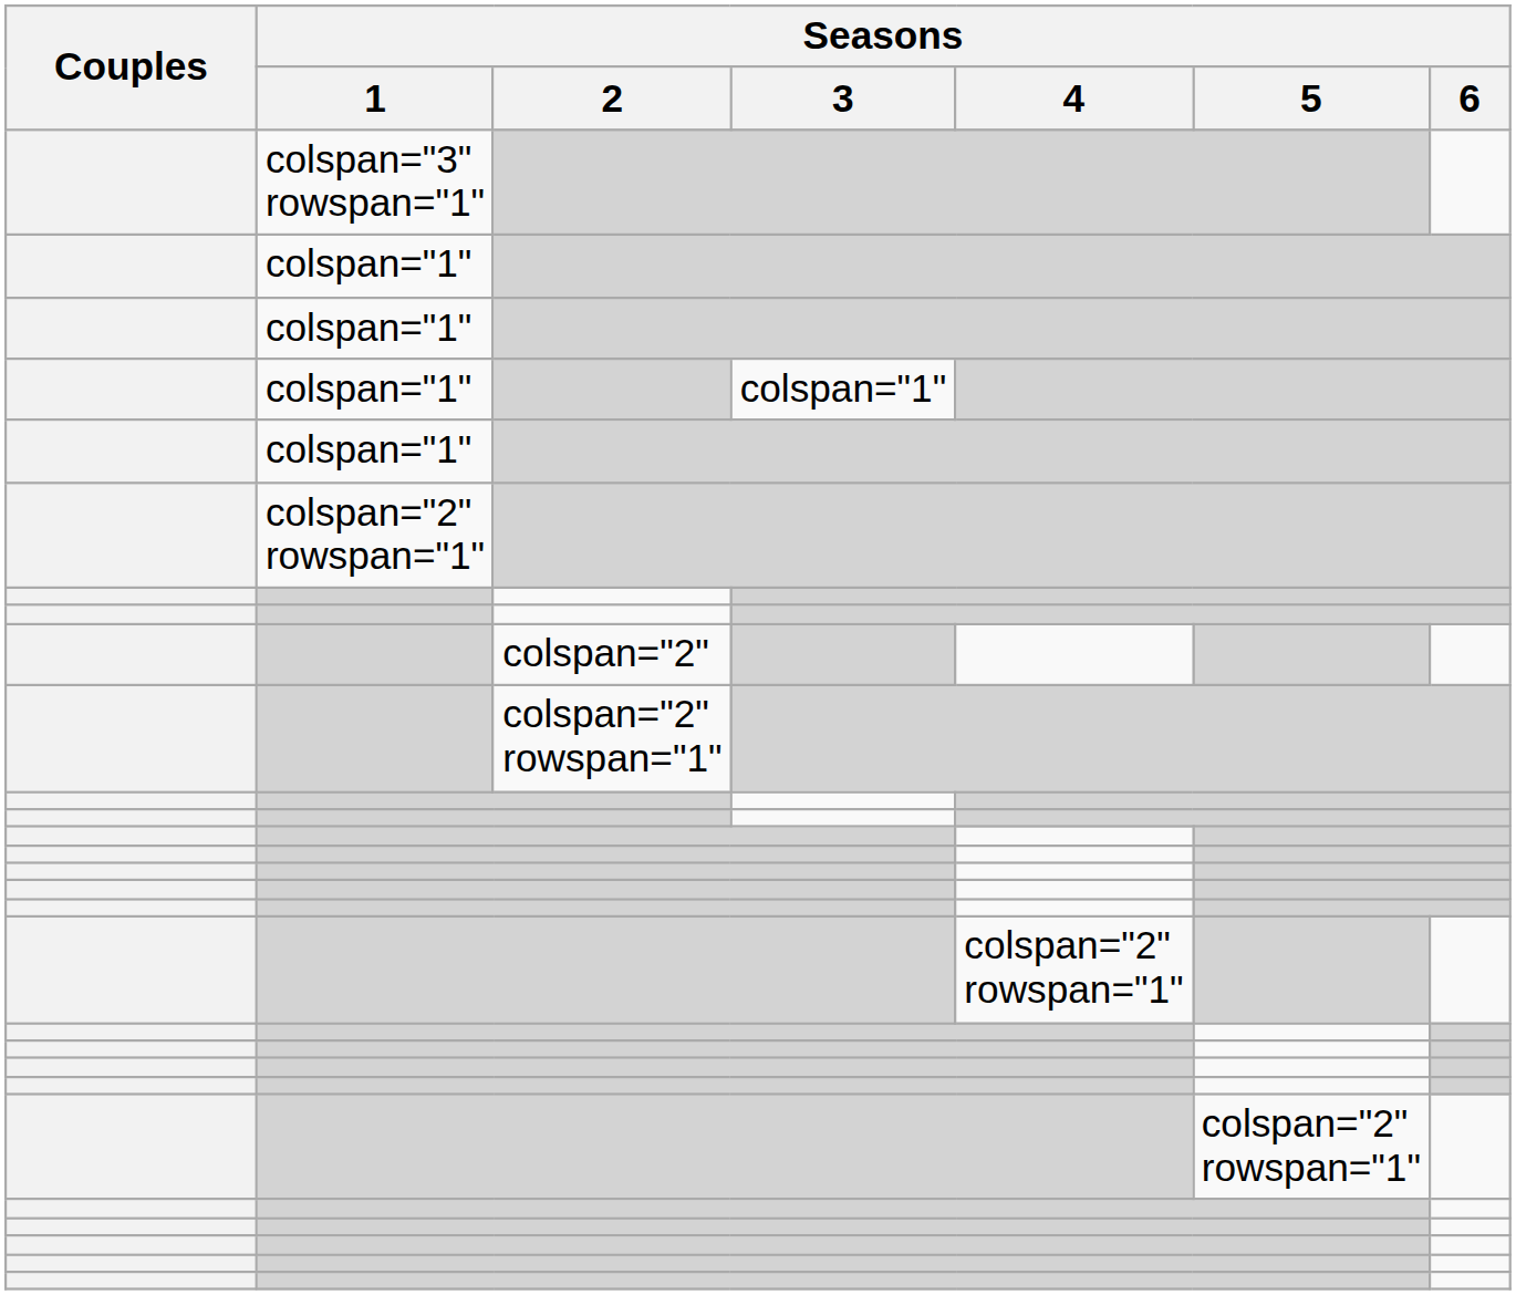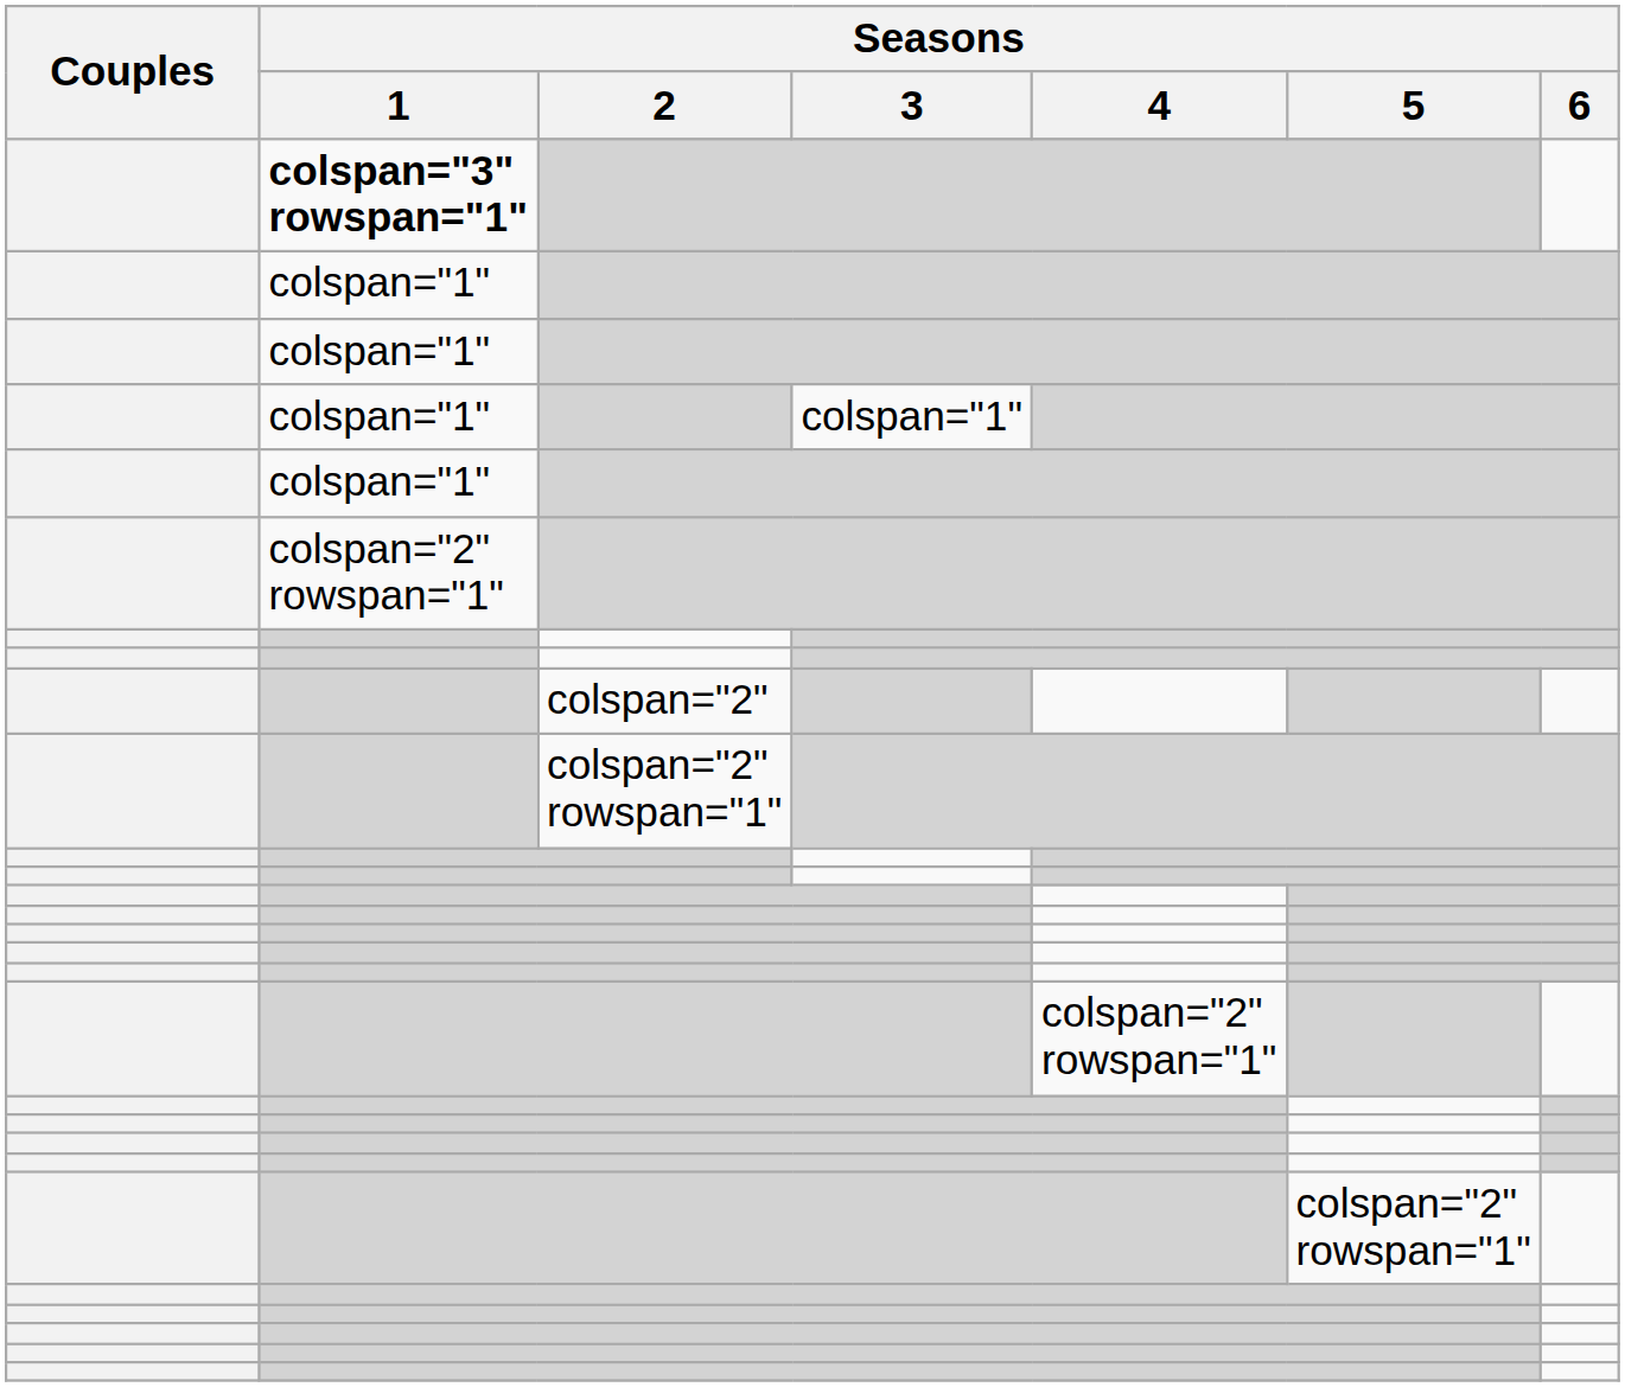 <table class="wikitable plainrowheaders" width="70%">
 <tr>
 <th scope="col" rowspan="2" style="width:20%;">Couples</th>
 <th scope="col" colspan="6">Seasons</th>
 </tr>
 <tr>
 <th scope="col" style="width:7%;">1</th>
 <th scope="col" style="width:7%;">2</th>
 <th scope="col" style="width:7%;">3</th>
 <th scope="col" style="width:7%;">4</th>
 <th scope="col" style="width:7%;">5</th>
 <th scope="col" style="width:7%;">6</th>
 </tr>
 <tr>
 <th scope="row"></th>
-<td>colspan="3" rowspan="1" </td>
+<td><strong>colspan="3" rowspan="1" </strong></td>
 <td colspan="4" style="background: #D3D3D3"></td>
 </tr>
 <tr>
 <th scope="row"></th>
 <td>colspan="1" </td>
 <td colspan="5" style="background: #D3D3D3"></td>
 </tr>
 <tr>
 <th scope="row"></th>
 <td>colspan="1" </td>
 <td colspan="5" style="background: #D3D3D3"></td>
 </tr>
 <tr>
 <th scope="row"></th>
 <td>colspan="1" </td>
 <td colspan="1" style="background: #D3D3D3"></td>
 <td>colspan="1" </td>
 <td colspan="5" style="background: #D3D3D3"></td>
 </tr>
 <tr>
 <th scope="row"></th>
 <td>colspan="1" </td>
 <td colspan="5" style="background: #D3D3D3"></td>
 </tr>
 <tr>
 <th scope="row"></th>
 <td>colspan="2" rowspan="1" </td>
 <td colspan="5" style="background: #D3D3D3"></td>
 </tr>
 <tr>
 <th scope="row"></th>
 <td colspan="1" style="background: #D3D3D3"></td>
 <td></td>
 <td colspan="5" style="background: #D3D3D3"></td>
 </tr>
 <tr>
 <th scope="row"></th>
 <td colspan="1" style="background: #D3D3D3"></td>
 <td></td>
 <td colspan="4" style="background: #D3D3D3"></td>
 </tr>
 <tr>
 <th scope="row"></th>
 <td colspan="1" style="background: #D3D3D3"></td>
 <td>colspan="2" </td>
 <td colspan="1" style="background: #D3D3D3"></td>
 <td></td>
 <td colspan="1" style="background: #D3D3D3"></td>
 </tr>
 <tr>
 <th scope="row"></th>
 <td colspan="1" style="background: #D3D3D3"></td>
 <td>colspan="2" rowspan="1" </td>
 <td colspan="4" style="background: #D3D3D3"></td>
 </tr>
 <tr>
 <th scope="row"></th>
 <td colspan="2" style="background: #D3D3D3"></td>
 <td></td>
 <td colspan="4" style="background: #D3D3D3"></td>
 </tr>
 <tr>
 <th scope="row"></th>
 <td colspan="2" style="background: #D3D3D3"></td>
 <td></td>
 <td colspan="4" style="background: #D3D3D3"></td>
 </tr>
 <tr>
 <th scope="row"></th>
 <td colspan="3" style="background: #D3D3D3"></td>
 <td></td>
 <td colspan="5" style="background: #D3D3D3"></td>
 </tr>
 <tr>
 <th scope="row"></th>
 <td colspan="3" style="background: #D3D3D3"></td>
 <td></td>
 <td colspan="5" style="background: #D3D3D3"></td>
 </tr>
 <tr>
 <th scope="row"></th>
 <td colspan="3" style="background: #D3D3D3"></td>
 <td></td>
 <td colspan="5" style="background: #D3D3D3"></td>
 </tr>
 <tr>
 <th scope="row"></th>
 <td colspan="3" style="background: #D3D3D3"></td>
 <td></td>
 <td colspan="5" style="background: #D3D3D3"></td>
 </tr>
 <tr>
 <th scope="row"></th>
 <td colspan="3" style="background: #D3D3D3"></td>
 <td></td>
 <td colspan="5" style="background: #D3D3D3"></td>
 </tr>
 <tr>
 <th scope="row"></th>
 <td colspan="3" style="background: #D3D3D3"></td>
 <td>colspan="2" rowspan="1" </td>
 <td colspan="1" style="background: #D3D3D3"></td>
 </tr>
 <tr>
 <th scope="row"></th>
 <td colspan="4" style="background: #D3D3D3"></td>
 <td></td>
 <td colspan="2" style="background: #D3D3D3"></td>
 </tr>
 <tr>
 <th scope="row"></th>
 <td colspan="4" style="background: #D3D3D3"></td>
 <td></td>
 <td colspan="2" style="background: #D3D3D3"></td>
 </tr>
 <tr>
 <th scope="row"></th>
 <td colspan="4" style="background: #D3D3D3"></td>
 <td></td>
 <td colspan="2" style="background: #D3D3D3"></td>
 </tr>
 <tr>
 <th scope="row"></th>
 <td colspan="4" style="background: #D3D3D3"></td>
 <td></td>
 <td colspan="2" style="background: #D3D3D3"></td>
 </tr>
 <tr>
 <th scope="row"></th>
 <td colspan="4" style="background: #D3D3D3"></td>
 <td>colspan="2" rowspan="1" </td>
 </tr>
 <tr>
 <th scope="row"></th>
 <td colspan="5" style="background: #D3D3D3"></td>
 <td></td>
 </tr>
 <tr>
 <th scope="row"></th>
 <td colspan="5" style="background: #D3D3D3"></td>
 <td></td>
 </tr>
 <tr>
 <th scope="row"></th>
 <td colspan="5" style="background: #D3D3D3"></td>
 <td></td>
 </tr>
 <tr>
 <th scope="row"></th>
 <td colspan="5" style="background: #D3D3D3"></td>
 <td></td>
 </tr>
 <tr>
 <th scope="row"></th>
 <td colspan="5" style="background: #D3D3D3"></td>
 <td></td>
 </tr>
 </table>
